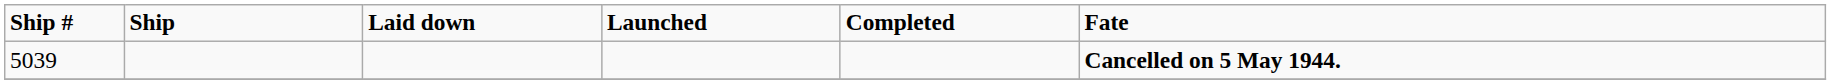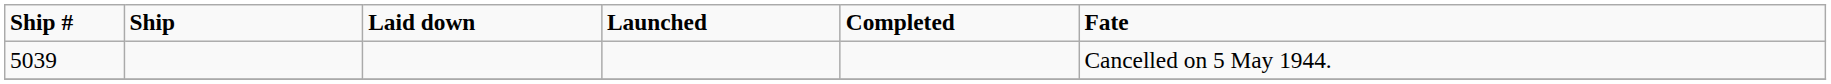 <table class="wikitable">
 <tr>
 <td width="4%"><strong>Ship #</strong></td>
 <td width="8%"><strong>Ship</strong></td>
 <td width="8%" bgcolor=><strong>Laid down</strong></td>
 <td width="8%" bgcolor=><strong>Launched</strong></td>
 <td width="8%" bgcolor=><strong>Completed</strong></td>
 <td width="25%" bgcolor=><strong>Fate</strong></td>
 </tr>
 <tr>
 <td>5039</td>
 <td> </td>
 <td></td>
 <td></td>
 <td></td>
-<td><strong>Cancelled on 5 May 1944.</strong></td>
+<td>Cancelled on 5 May 1944.</td>
 </tr>
 <tr>
 </tr>
 </table>
